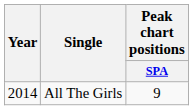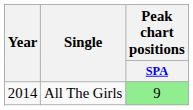 <table class="wikitable" style="text-align:center;">
 <tr>
 <th rowspan="2">Year</th>
 <th rowspan="2">Single</th>
 <th colspan="1">Peak chart positions</th>
 </tr>
 <tr style="font-size:smaller;">
 <th style="width:45px;"><a href='#'>SPA</a></th>
 </tr>
 <tr>
 <td rowspan="3">2014</td>
 <td style="text-align:left;">All The Girls</td>
-<td>9</td>
+<td style="background: lightgreen;">9</td>
 </tr>
 </table>
